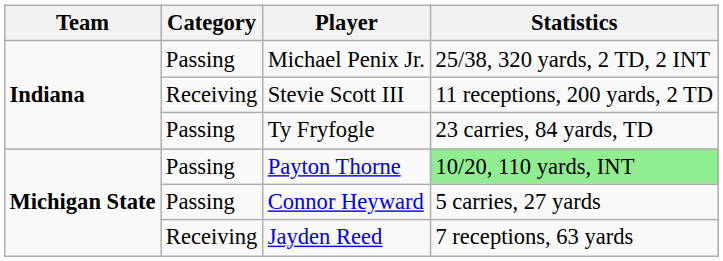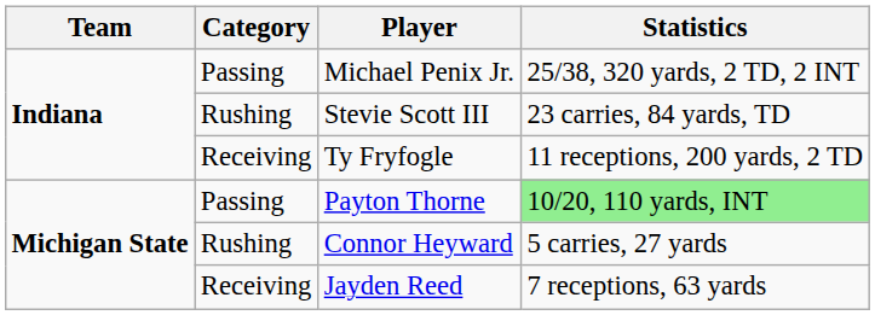 <table class="wikitable" style="float: right;">
 <tr>
 <th>Team</th>
 <th>Category</th>
 <th>Player</th>
 <th>Statistics</th>
 </tr>
 <tr>
 <td rowspan=3><strong>Indiana</strong></td>
 <td>Passing</td>
 <td>Michael Penix Jr.</td>
 <td>25/38, 320 yards, 2 TD, 2 INT</td>
 </tr>
 <tr>
-<td>Receiving</td>
+<td>Rushing</td>
 <td>Stevie Scott III</td>
-<td>11 receptions, 200 yards, 2 TD</td>
+<td>23 carries, 84 yards, TD</td>
 </tr>
 <tr>
-<td>Passing</td>
+<td>Receiving</td>
 <td>Ty Fryfogle</td>
-<td>23 carries, 84 yards, TD</td>
+<td>11 receptions, 200 yards, 2 TD</td>
 </tr>
 <tr>
 <td rowspan=3><strong>Michigan State</strong></td>
 <td>Passing</td>
 <td><a href='#'>Payton Thorne</a></td>
 <td style="background: lightgreen;">10/20, 110 yards, INT</td>
 </tr>
 <tr>
-<td>Passing</td>
+<td>Rushing</td>
 <td><a href='#'>Connor Heyward</a></td>
 <td>5 carries, 27 yards</td>
 </tr>
 <tr>
 <td>Receiving</td>
 <td><a href='#'>Jayden Reed</a></td>
 <td>7 receptions, 63 yards</td>
 </tr>
 </table>
